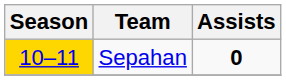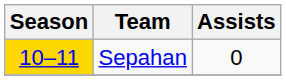 <table class="wikitable" style="text-align: center;">
 <tr>
 <th>Season</th>
 <th>Team</th>
 <th>Assists</th>
 </tr>
 <tr>
 <td style="background: gold;"><a href='#'>10–11</a></td>
 <td align="left"><a href='#'>Sepahan</a></td>
-<td><strong>0</strong></td>
+<td>0</td>
 </tr>
 <tr>
 </tr>
 </table>
